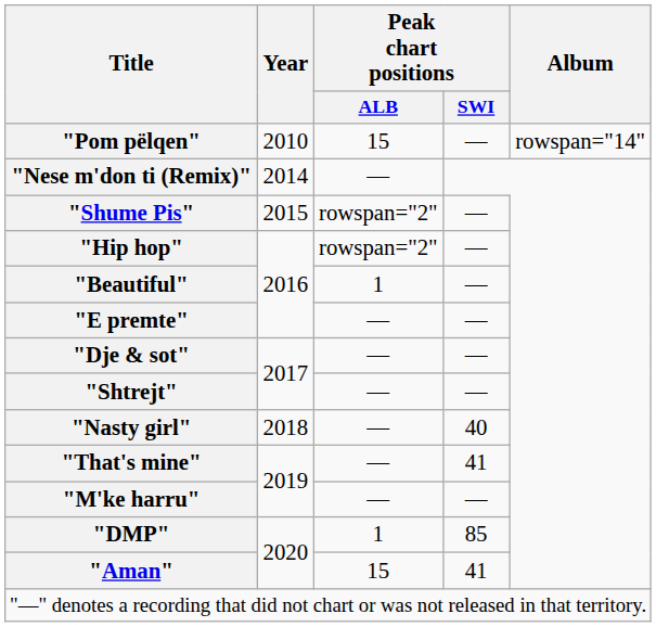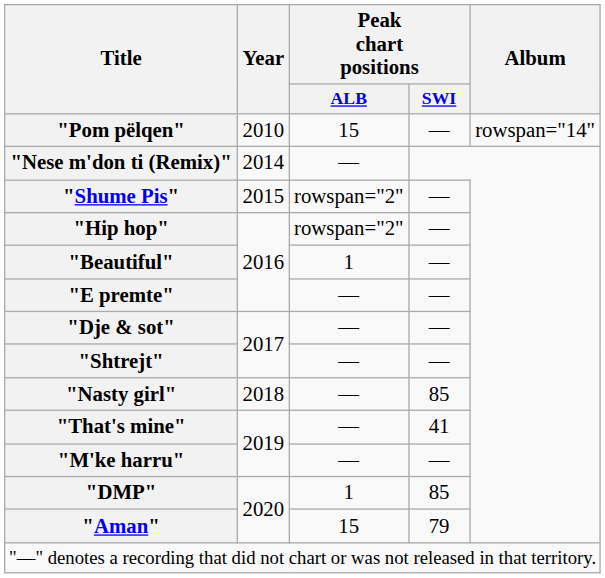 <table class="wikitable plainrowheaders" style="text-align:center;">
 <tr>
 <th scope="col" rowspan="2">Title</th>
 <th scope="col" rowspan="2">Year</th>
 <th scope="col" colspan="2">Peak<br>chart<br>positions</th>
 <th scope="col" rowspan="2">Album</th>
 </tr>
 <tr>
 <th scope="col" style="width:3em;font-size:85%;"><a href='#'>ALB</a><br></th>
 <th scope="col" style="width:3em;font-size:85%;"><a href='#'>SWI</a><br></th>
 </tr>
 <tr>
 <th scope="row">"Pom pëlqen"<br></th>
 <td>2010</td>
 <td>15</td>
 <td>—</td>
 <td>rowspan="14" </td>
 </tr>
 <tr>
 <th scope="row">"Nese m'don ti (Remix)"<br></th>
 <td>2014</td>
 <td>—</td>
 </tr>
 <tr>
 <th scope="row">"<a href='#'>Shume Pis</a>"<br></th>
 <td>2015</td>
 <td>rowspan="2" </td>
 <td>—</td>
 </tr>
 <tr>
 <th scope="row">"Hip hop"<br></th>
 <td rowspan="3">2016</td>
 <td>rowspan="2" </td>
 <td>—</td>
 </tr>
 <tr>
 <th scope="row">"Beautiful"<br></th>
 <td>1</td>
 <td>—</td>
 </tr>
 <tr>
 <th scope="row">"E premte"<br></th>
 <td>—</td>
 <td>—</td>
 </tr>
 <tr>
 <th scope="row">"Dje & sot"<br></th>
 <td rowspan="2">2017</td>
 <td>—</td>
 <td>—</td>
 </tr>
 <tr>
 <th scope="row">"Shtrejt"<br></th>
 <td>—</td>
 <td>—</td>
 </tr>
 <tr>
 <th scope="row">"Nasty girl"<br></th>
 <td>2018</td>
 <td>—</td>
-<td>40</td>
+<td>85</td>
 </tr>
 <tr>
 <th scope="row">"That's mine"<br></th>
 <td rowspan="2">2019</td>
 <td>—</td>
 <td>41</td>
 </tr>
 <tr>
 <th scope="row">"M'ke harru"<br></th>
 <td>—</td>
 <td>—</td>
 </tr>
 <tr>
 <th scope="row">"DMP"<br></th>
 <td rowspan="2">2020</td>
 <td>1</td>
 <td>85</td>
 </tr>
 <tr>
 <th scope="row">"<a href='#'>Aman</a>"<br></th>
 <td>15</td>
-<td>41</td>
+<td>79</td>
 </tr>
 <tr>
 <td colspan="9" style="font-size:90%">"—" denotes a recording that did not chart or was not released in that territory.</td>
 </tr>
 </table>
